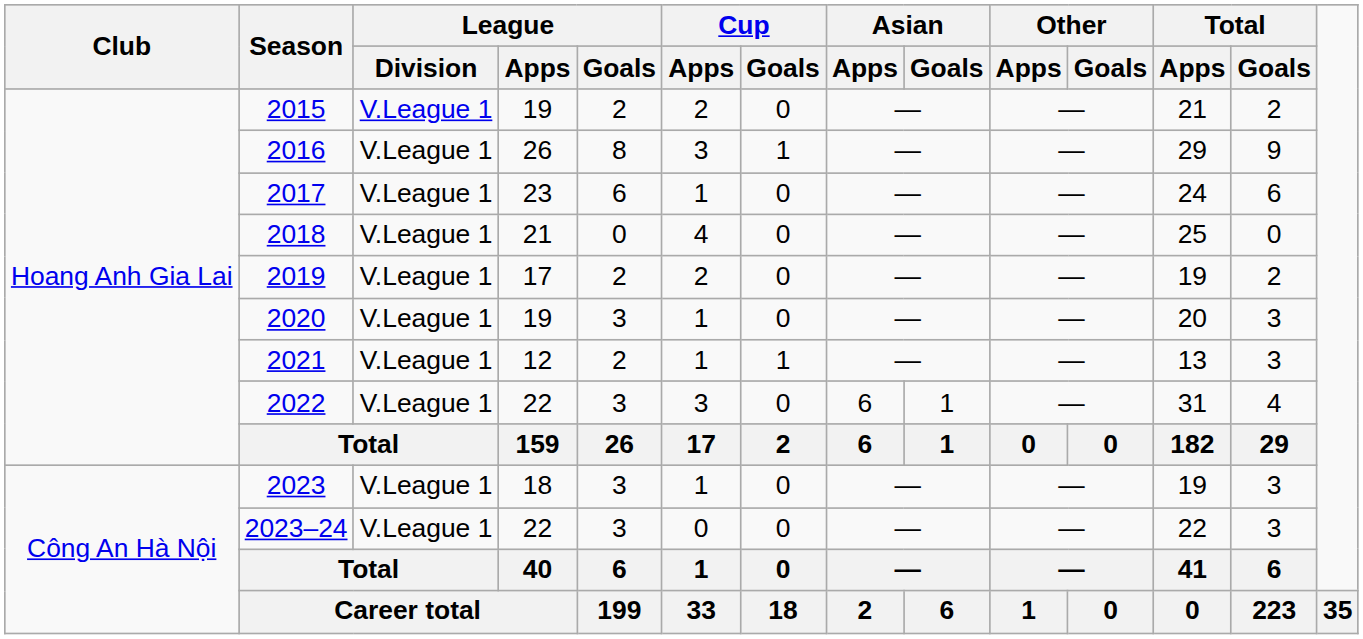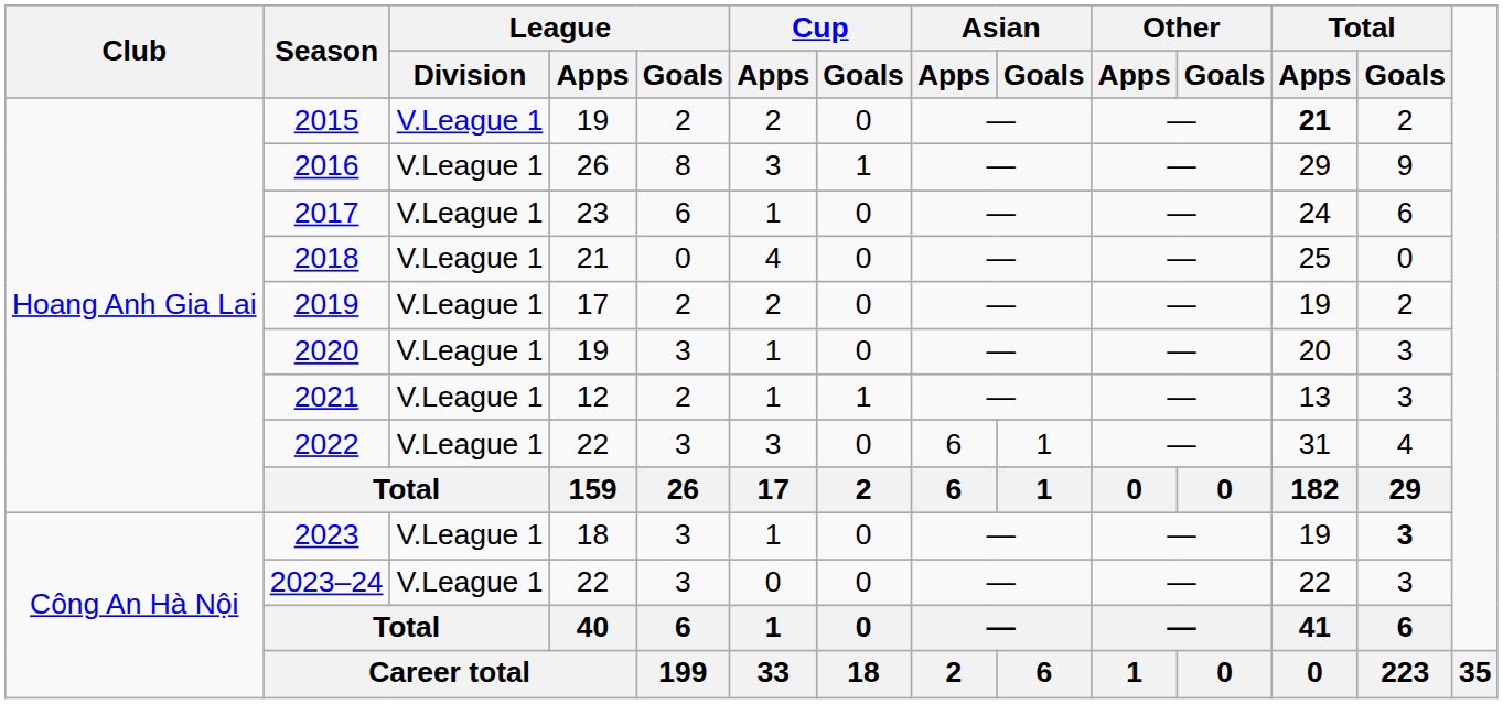 <table class=wikitable style=text-align:center>
 <tr>
 <th rowspan="2">Club</th>
 <th rowspan="2">Season</th>
 <th colspan="3">League</th>
 <th colspan="2"><a href='#'>Cup</a></th>
 <th colspan="2">Asian</th>
 <th colspan="2">Other</th>
 <th colspan="2">Total</th>
 </tr>
 <tr>
 <th>Division</th>
 <th>Apps</th>
 <th>Goals</th>
 <th>Apps</th>
 <th>Goals</th>
 <th>Apps</th>
 <th>Goals</th>
 <th>Apps</th>
 <th>Goals</th>
 <th>Apps</th>
 <th>Goals</th>
 </tr>
 <tr>
 <td rowspan=9><a href='#'>Hoang Anh Gia Lai</a></td>
 <td><a href='#'>2015</a></td>
 <td><a href='#'>V.League 1</a></td>
 <td>19</td>
 <td>2</td>
 <td>2</td>
 <td>0</td>
 <td colspan="2">—</td>
 <td colspan="2">—</td>
-<td>21</td>
+<td><strong>21</strong></td>
 <td>2</td>
 </tr>
 <tr>
 <td><a href='#'>2016</a></td>
 <td>V.League 1</td>
 <td>26</td>
 <td>8</td>
 <td>3</td>
 <td>1</td>
 <td colspan="2">—</td>
 <td colspan="2">—</td>
 <td>29</td>
 <td>9</td>
 </tr>
 <tr>
 <td><a href='#'>2017</a></td>
 <td>V.League 1</td>
 <td>23</td>
 <td>6</td>
 <td>1</td>
 <td>0</td>
 <td colspan="2">—</td>
 <td colspan="2">—</td>
 <td>24</td>
 <td>6</td>
 </tr>
 <tr>
 <td><a href='#'>2018</a></td>
 <td>V.League 1</td>
 <td>21</td>
 <td>0</td>
 <td>4</td>
 <td>0</td>
 <td colspan="2">—</td>
 <td colspan="2">—</td>
 <td>25</td>
 <td>0</td>
 </tr>
 <tr>
 <td><a href='#'>2019</a></td>
 <td>V.League 1</td>
 <td>17</td>
 <td>2</td>
 <td>2</td>
 <td>0</td>
 <td colspan="2">—</td>
 <td colspan="2">—</td>
 <td>19</td>
 <td>2</td>
 </tr>
 <tr>
 <td><a href='#'>2020</a></td>
 <td>V.League 1</td>
 <td>19</td>
 <td>3</td>
 <td>1</td>
 <td>0</td>
 <td colspan="2">—</td>
 <td colspan="2">—</td>
 <td>20</td>
 <td>3</td>
 </tr>
 <tr>
 <td><a href='#'>2021</a></td>
 <td>V.League 1</td>
 <td>12</td>
 <td>2</td>
 <td>1</td>
 <td>1</td>
 <td colspan="2">—</td>
 <td colspan="2">—</td>
 <td>13</td>
 <td>3</td>
 </tr>
 <tr>
 <td><a href='#'>2022</a></td>
 <td>V.League 1</td>
 <td>22</td>
 <td>3</td>
 <td>3</td>
 <td>0</td>
 <td>6</td>
 <td>1</td>
 <td colspan="2">—</td>
 <td>31</td>
 <td>4</td>
 </tr>
 <tr>
 <th colspan=2>Total</th>
 <th>159</th>
 <th>26</th>
 <th>17</th>
 <th>2</th>
 <th>6</th>
 <th>1</th>
 <th>0</th>
 <th>0</th>
 <th>182</th>
 <th>29</th>
 </tr>
 <tr>
 <td rowspan=9><a href='#'>Công An Hà Nội</a></td>
 <td><a href='#'>2023</a></td>
 <td>V.League 1</td>
 <td>18</td>
 <td>3</td>
 <td>1</td>
 <td>0</td>
 <td colspan=2>—</td>
 <td colspan=2>—</td>
 <td>19</td>
-<td>3</td>
+<td><strong>3</strong></td>
 </tr>
 <tr>
 <td><a href='#'>2023–24</a></td>
 <td>V.League 1</td>
 <td>22</td>
 <td>3</td>
 <td>0</td>
 <td>0</td>
 <td colspan=2>—</td>
 <td colspan=2>—</td>
 <td>22</td>
 <td>3</td>
 </tr>
 <tr>
 <th colspan=2>Total</th>
 <th>40</th>
 <th>6</th>
 <th>1</th>
 <th>0</th>
 <th colspan=2>—</th>
 <th colspan=2>—</th>
 <th>41</th>
 <th>6</th>
 </tr>
 <tr>
 <th colspan="3">Career total</th>
 <th>199</th>
 <th>33</th>
 <th>18</th>
 <th>2</th>
 <th>6</th>
 <th>1</th>
 <th>0</th>
 <th>0</th>
 <th>223</th>
 <th>35</th>
 </tr>
 </table>
